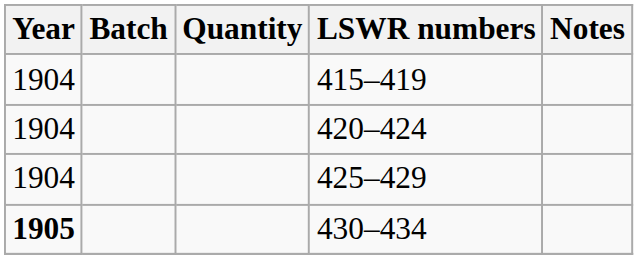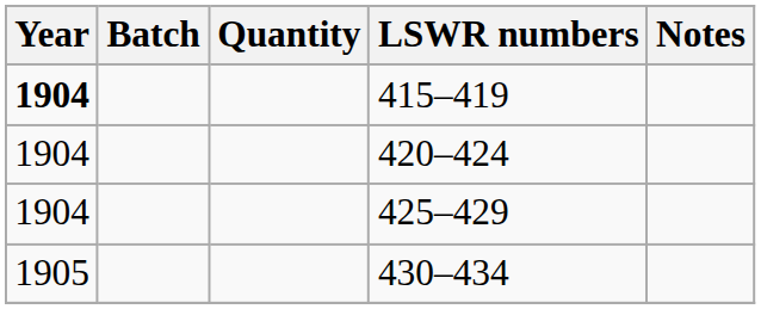 <table class="wikitable collapsible collapsed">
 <tr>
 <th>Year</th>
 <th>Batch</th>
 <th>Quantity</th>
 <th>LSWR numbers</th>
 <th>Notes</th>
 </tr>
 <tr>
-<td>1904</td>
+<td><strong>1904</strong></td>
 <td></td>
 <td></td>
 <td>415–419</td>
 <td></td>
 </tr>
 <tr>
 <td>1904</td>
 <td></td>
 <td></td>
 <td>420–424</td>
 <td></td>
 </tr>
 <tr>
 <td>1904</td>
 <td></td>
 <td></td>
 <td>425–429</td>
 <td></td>
 </tr>
 <tr>
-<td><strong>1905</strong></td>
+<td>1905</td>
 <td></td>
 <td></td>
 <td>430–434</td>
 <td></td>
 </tr>
 <tr>
 </tr>
 </table>
